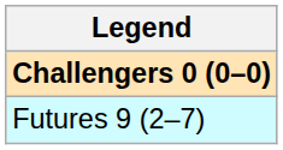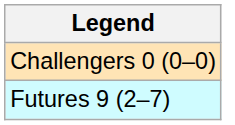 <table class=wikitable style=font-size:97%>
 <tr>
 <th>Legend</th>
 </tr>
 <tr style="background:moccasin;">
-<td><strong>Challengers 0 (0–0)</strong></td>
+<td>Challengers 0 (0–0)</td>
 </tr>
 <tr style="background:#cffcff;">
 <td>Futures 9 (2–7)</td>
 </tr>
 </table>
